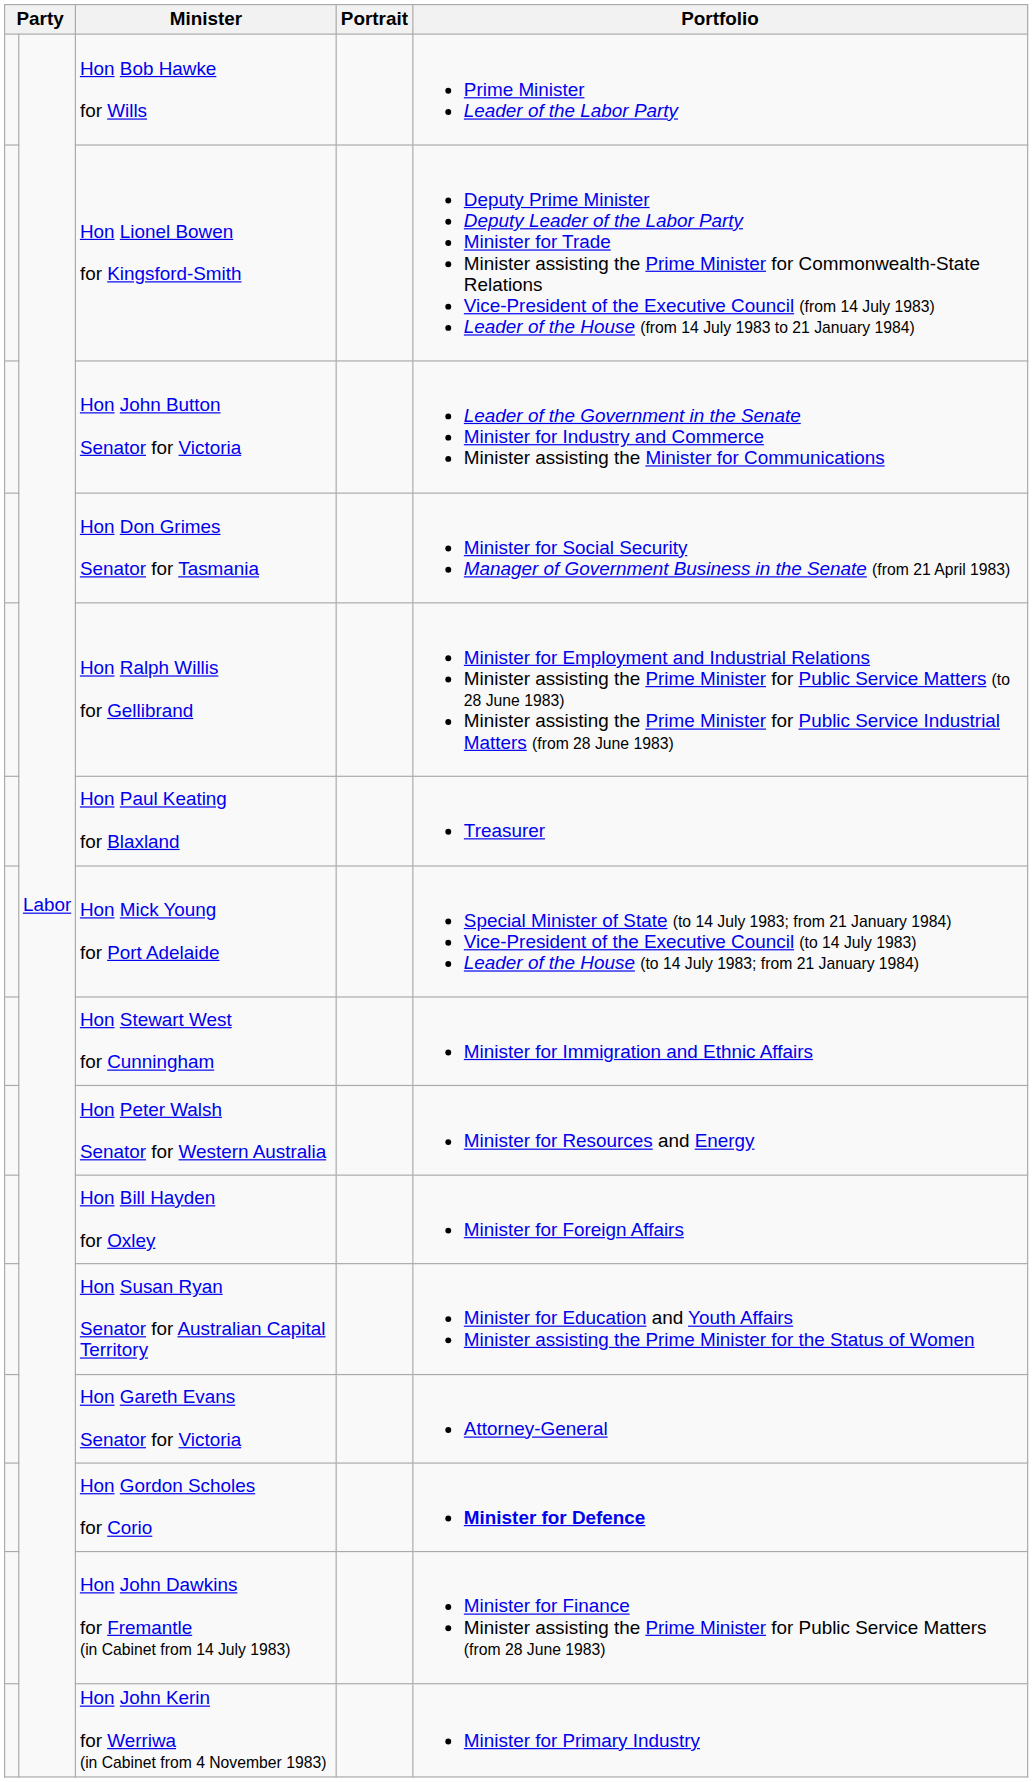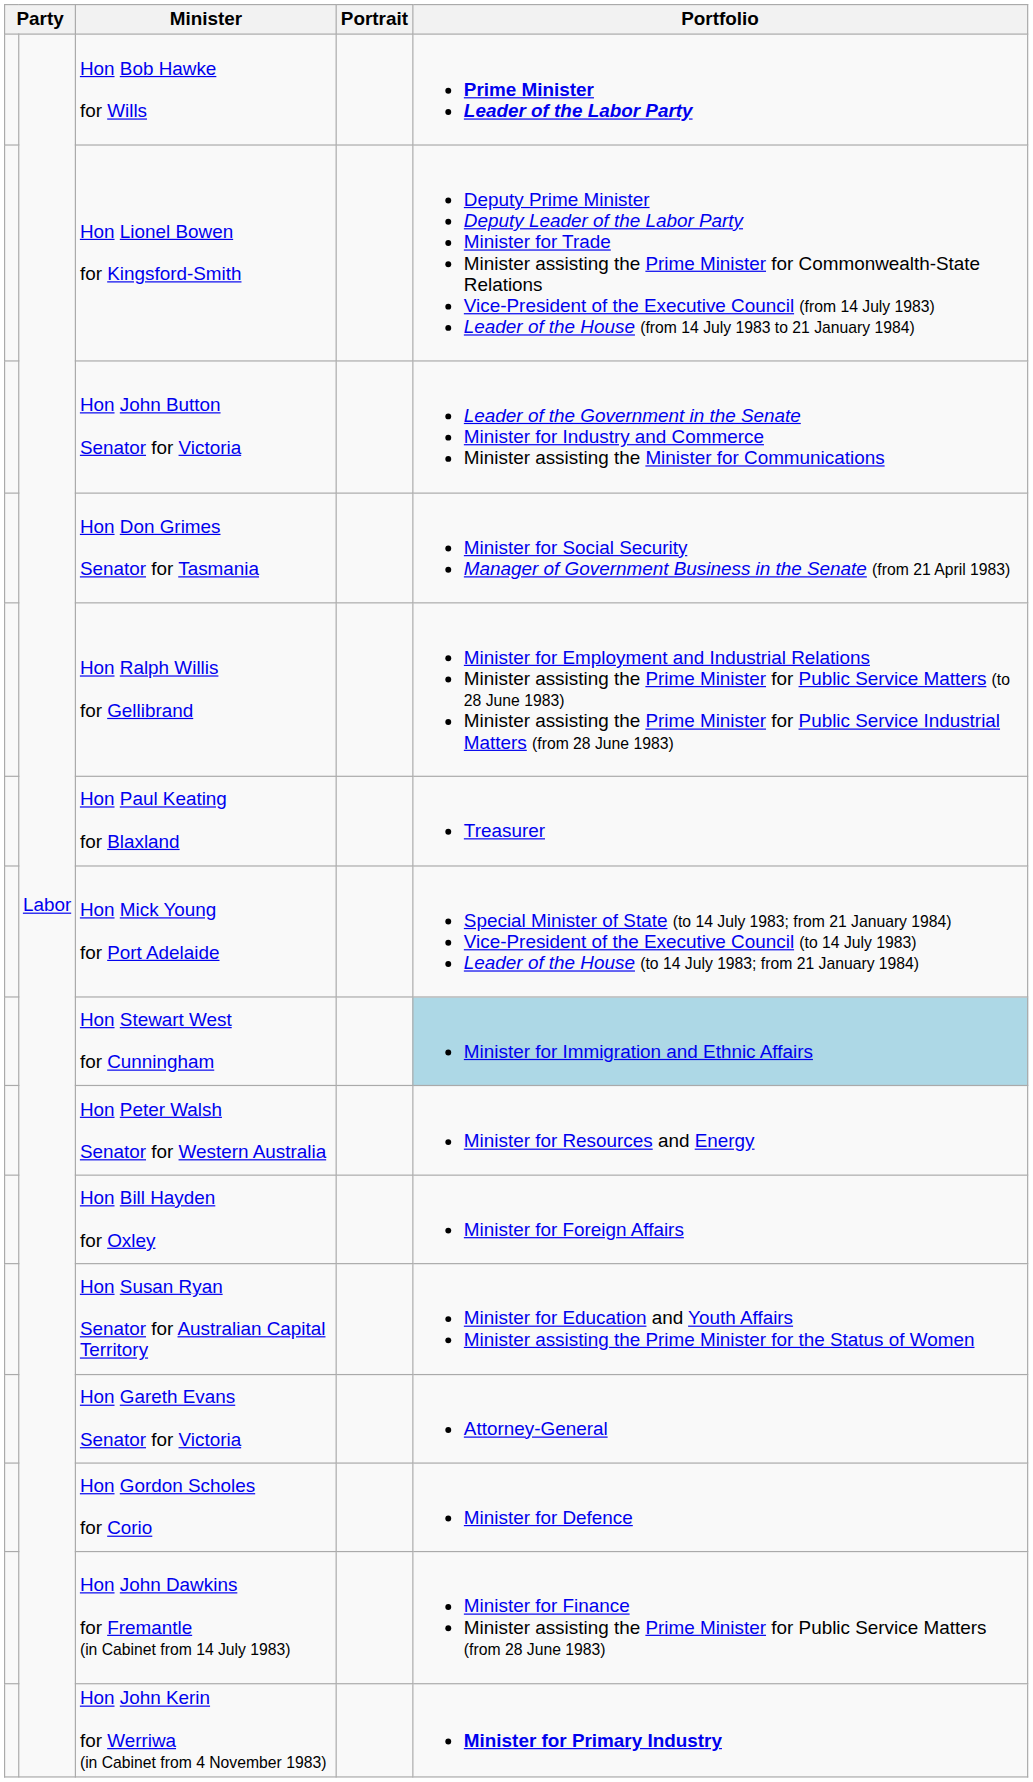 <table class="wikitable sortable">
 <tr>
 <th colspan="2">Party</th>
 <th>Minister</th>
 <th>Portrait</th>
 <th>Portfolio</th>
 </tr>
 <tr>
 <td> </td>
 <td rowspan=15><a href='#'>Labor</a></td>
 <td><a href='#'>Hon</a> <a href='#'>Bob Hawke</a>  <br><br> for <a href='#'>Wills</a> <br></td>
 <td></td>
-<td><br><ul><li><a href='#'>Prime Minister</a></li><li><em><a href='#'>Leader of the Labor Party</a></em></li></ul></td>
+<td><strong><br><ul><li><a href='#'>Prime Minister</a></li><li><em><a href='#'>Leader of the Labor Party</a></em></li></ul></strong></td>
 </tr>
 <tr>
 <td> </td>
 <td><a href='#'>Hon</a> <a href='#'>Lionel Bowen</a> <br><br> for <a href='#'>Kingsford-Smith</a> <br></td>
 <td></td>
 <td><br><ul><li><a href='#'>Deputy Prime Minister</a></li><li><em><a href='#'>Deputy Leader of the Labor Party</a></em></li><li><a href='#'>Minister for Trade</a></li><li>Minister assisting the <a href='#'>Prime Minister</a> for Commonwealth-State Relations</li><li><a href='#'>Vice-President of the Executive Council</a> <small>(from 14 July 1983)</small></li><li><em><a href='#'>Leader of the House</a></em> <small>(from 14 July 1983 to 21 January 1984)</small></li></ul></td>
 </tr>
 <tr>
 <td> </td>
 <td><a href='#'>Hon</a> <a href='#'>John Button</a> <br><br><a href='#'>Senator</a> for <a href='#'>Victoria</a> <br></td>
 <td></td>
 <td><br><ul><li><em><a href='#'>Leader of the Government in the Senate</a></em></li><li><a href='#'>Minister for Industry and Commerce</a></li><li>Minister assisting the <a href='#'>Minister for Communications</a></li></ul></td>
 </tr>
 <tr>
 <td> </td>
 <td><a href='#'>Hon</a> <a href='#'>Don Grimes</a> <br><br><a href='#'>Senator</a> for <a href='#'>Tasmania</a> <br></td>
 <td></td>
 <td><br><ul><li><a href='#'>Minister for Social Security</a></li><li><em><a href='#'>Manager of Government Business in the Senate</a></em> <small>(from 21 April 1983)</small></li></ul></td>
 </tr>
 <tr>
 <td> </td>
 <td><a href='#'>Hon</a> <a href='#'>Ralph Willis</a> <br><br> for <a href='#'>Gellibrand</a> <br></td>
 <td></td>
 <td><br><ul><li><a href='#'>Minister for Employment and Industrial Relations</a></li><li>Minister assisting the <a href='#'>Prime Minister</a> for <a href='#'>Public Service Matters</a> <small>(to 28 June 1983)</small></li><li>Minister assisting the <a href='#'>Prime Minister</a> for <a href='#'>Public Service Industrial Matters</a> <small>(from 28 June 1983)</small></li></ul></td>
 </tr>
 <tr>
 <td> </td>
 <td><a href='#'>Hon</a> <a href='#'>Paul Keating</a> <br><br> for <a href='#'>Blaxland</a> <br></td>
 <td></td>
 <td><br><ul><li><a href='#'>Treasurer</a></li></ul></td>
 </tr>
 <tr>
 <td> </td>
 <td><a href='#'>Hon</a> <a href='#'>Mick Young</a> <br><br> for <a href='#'>Port Adelaide</a> <br></td>
 <td></td>
 <td><br><ul><li><a href='#'>Special Minister of State</a> <small>(to 14 July 1983; from 21 January 1984)</small></li><li><a href='#'>Vice-President of the Executive Council</a> <small>(to 14 July 1983)</small></li><li><em><a href='#'>Leader of the House</a></em> <small>(to 14 July 1983; from 21 January 1984)</small></li></ul></td>
 </tr>
 <tr>
 <td> </td>
 <td><a href='#'>Hon</a> <a href='#'>Stewart West</a> <br><br> for <a href='#'>Cunningham</a> <br></td>
 <td></td>
-<td><br><ul><li><a href='#'>Minister for Immigration and Ethnic Affairs</a></li></ul></td>
+<td style="background: lightblue;"><br><ul><li><a href='#'>Minister for Immigration and Ethnic Affairs</a></li></ul></td>
 </tr>
 <tr>
 <td> </td>
 <td><a href='#'>Hon</a> <a href='#'>Peter Walsh</a> <br><br><a href='#'>Senator</a> for <a href='#'>Western Australia</a> <br></td>
 <td></td>
 <td><br><ul><li><a href='#'>Minister for Resources</a> and <a href='#'>Energy</a></li></ul></td>
 </tr>
 <tr>
 <td> </td>
 <td><a href='#'>Hon</a> <a href='#'>Bill Hayden</a> <br><br> for <a href='#'>Oxley</a> <br></td>
 <td></td>
 <td><br><ul><li><a href='#'>Minister for Foreign Affairs</a></li></ul></td>
 </tr>
 <tr>
 <td> </td>
 <td><a href='#'>Hon</a> <a href='#'>Susan Ryan</a> <br><br><a href='#'>Senator</a> for <a href='#'>Australian Capital Territory</a> <br></td>
 <td></td>
 <td><br><ul><li><a href='#'>Minister for Education</a> and <a href='#'>Youth Affairs</a></li><li><a href='#'>Minister assisting the Prime Minister for the Status of Women</a></li></ul></td>
 </tr>
 <tr>
 <td> </td>
 <td><a href='#'>Hon</a> <a href='#'>Gareth Evans</a>  <br><br><a href='#'>Senator</a> for <a href='#'>Victoria</a> <br></td>
 <td></td>
 <td><br><ul><li><a href='#'>Attorney-General</a></li></ul></td>
 </tr>
 <tr>
 <td> </td>
 <td><a href='#'>Hon</a> <a href='#'>Gordon Scholes</a> <br><br> for <a href='#'>Corio</a> <br></td>
 <td></td>
-<td><strong><br><ul><li><a href='#'>Minister for Defence</a></li></ul></strong></td>
+<td><br><ul><li><a href='#'>Minister for Defence</a></li></ul></td>
 </tr>
 <tr>
 <td> </td>
 <td><a href='#'>Hon</a> <a href='#'>John Dawkins</a> <br><br> for <a href='#'>Fremantle</a> <br> <small>(in Cabinet from 14 July 1983)</small></td>
 <td></td>
 <td><br><ul><li><a href='#'>Minister for Finance</a></li><li>Minister assisting the <a href='#'>Prime Minister</a> for Public Service Matters <small>(from 28 June 1983)</small></li></ul></td>
 </tr>
 <tr>
 <td> </td>
 <td><a href='#'>Hon</a> <a href='#'>John Kerin</a> <br><br> for <a href='#'>Werriwa</a> <br> <small>(in Cabinet from 4 November 1983)</small></td>
 <td></td>
-<td><br><ul><li><a href='#'>Minister for Primary Industry</a></li></ul></td>
+<td><strong><br><ul><li><a href='#'>Minister for Primary Industry</a></li></ul></strong></td>
 </tr>
 </table>
